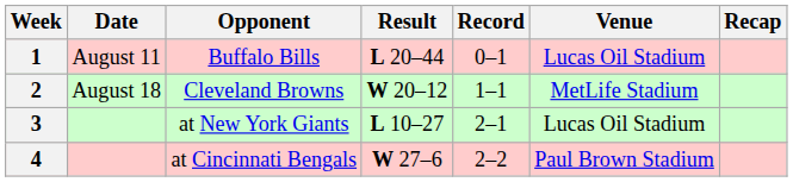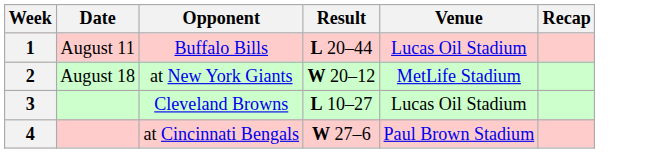 <table class="wikitable" style="text-align:center">
 <tr>
 <th>Week</th>
 <th>Date</th>
 <th>Opponent</th>
 <th>Result</th>
-<th>Record</th>
 <th>Venue</th>
 <th>Recap</th>
 </tr>
 <tr style="background:#fcc">
 <th>1</th>
 <td>August 11</td>
 <td><a href='#'>Buffalo Bills</a></td>
 <td><strong>L</strong> 20–44</td>
-<td>0–1</td>
 <td><a href='#'>Lucas Oil Stadium</a></td>
 <td></td>
 </tr>
 <tr style="background:#cfc">
 <th>2</th>
 <td>August 18</td>
-<td><a href='#'>Cleveland Browns</a></td>
+<td>at <a href='#'>New York Giants</a></td>
 <td><strong>W</strong> 20–12</td>
-<td>1–1</td>
 <td><a href='#'>MetLife Stadium</a></td>
 <td></td>
 </tr>
 <tr style="background:#cfc">
 <th>3</th>
 <td></td>
-<td>at <a href='#'>New York Giants</a></td>
+<td><a href='#'>Cleveland Browns</a></td>
 <td><strong>L</strong> 10–27</td>
-<td>2–1</td>
 <td>Lucas Oil Stadium</td>
 <td></td>
 </tr>
 <tr style="background:#fcc">
 <th>4</th>
 <td></td>
 <td>at <a href='#'>Cincinnati Bengals</a></td>
 <td><strong>W</strong> 27–6</td>
-<td>2–2</td>
 <td><a href='#'>Paul Brown Stadium</a></td>
 <td></td>
 </tr>
 </table>
